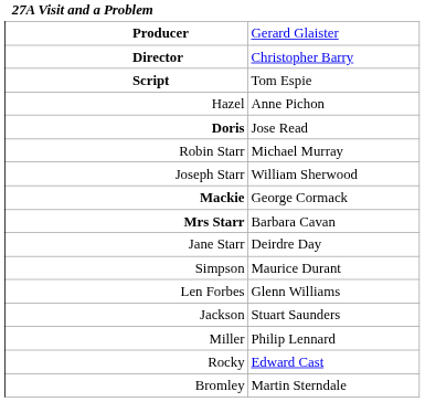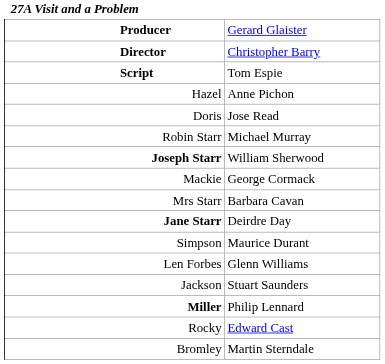 <table class="wikitable mw-collapsible mw-collapsed" style="vertical-align:top;margin:auto 2em;line-height:1.2;min-width:33em;display: inline-table;background-color:inherit;border:none;">
 <tr>
 <td class=unsortable style="border:hidden;line-height:1.67;text-align:center;margin-left:-1em;padding-left:0.5em;min-width:1.0em;"></td>
 <td class=unsortable style="border:none;padding-left:0.5em;text-align:left;min-width:16.5em;font-weight:700;font-style:italic;">27A Visit and a Problem</td>
 <td class=unsortable style="border:none;text-align:right;font-weight:normal;font-family:Courier;font-size:95%;letter-spacing:-1pt;min-width:8.5em;padding-right:0.2em;"></td>
 <td class=unsortable style="border:hidden;min-width:3.5em;padding-left:0;"></td>
 <td class=unsortable style="border:hidden;min-width:3.5em;font-size:95%;"></td>
 </tr>
 <tr>
 <td rowspan=100 style="border:none thin;border-right-style :solid;"></td>
 </tr>
 <tr>
 <td style="text-align:left;padding-left:9.0em;font-weight:bold;">Producer</td>
 <td colspan=2><a href='#'>Gerard Glaister</a></td>
 </tr>
 <tr>
 <td style="text-align:left;padding-left:9.0em;font-weight:bold;">Director</td>
 <td colspan=2><a href='#'>Christopher Barry</a></td>
 </tr>
 <tr>
 <td style="text-align:left;padding-left:9.0em;font-weight:bold;">Script</td>
 <td colspan=2>Tom Espie</td>
 </tr>
 <tr>
 <td style="text-align:right;">Hazel</td>
 <td colspan=2>Anne Pichon</td>
 </tr>
 <tr>
-<td style="text-align:right;"><strong>Doris</strong></td>
+<td style="text-align:right;">Doris</td>
 <td colspan=2>Jose Read</td>
 </tr>
 <tr>
 <td style="text-align:right;">Robin Starr</td>
 <td colspan=2>Michael Murray</td>
 </tr>
 <tr>
-<td style="text-align:right;">Joseph Starr</td>
+<td style="text-align:right;"><strong>Joseph Starr</strong></td>
 <td colspan=2>William Sherwood</td>
 </tr>
 <tr>
-<td style="text-align:right;"><strong>Mackie</strong></td>
+<td style="text-align:right;">Mackie</td>
 <td colspan=2>George Cormack</td>
 </tr>
 <tr>
-<td style="text-align:right;"><strong>Mrs Starr</strong></td>
+<td style="text-align:right;">Mrs Starr</td>
 <td colspan=2>Barbara Cavan</td>
 </tr>
 <tr>
-<td style="text-align:right;">Jane Starr</td>
+<td style="text-align:right;"><strong>Jane Starr</strong></td>
 <td colspan=2>Deirdre Day</td>
 </tr>
 <tr>
 <td style="text-align:right;">Simpson</td>
 <td colspan=2>Maurice Durant</td>
 </tr>
 <tr>
 <td style="text-align:right;">Len Forbes</td>
 <td colspan=2>Glenn Williams</td>
 </tr>
 <tr>
 <td style="text-align:right;">Jackson</td>
 <td colspan=2>Stuart Saunders</td>
 </tr>
 <tr>
-<td style="text-align:right;">Miller</td>
+<td style="text-align:right;"><strong>Miller</strong></td>
 <td colspan=2>Philip Lennard</td>
 </tr>
 <tr>
 <td style="text-align:right;">Rocky</td>
 <td colspan=2><a href='#'>Edward Cast</a></td>
 </tr>
 <tr>
 <td style="text-align:right;">Bromley</td>
 <td colspan=2>Martin Sterndale</td>
 </tr>
 </table>
